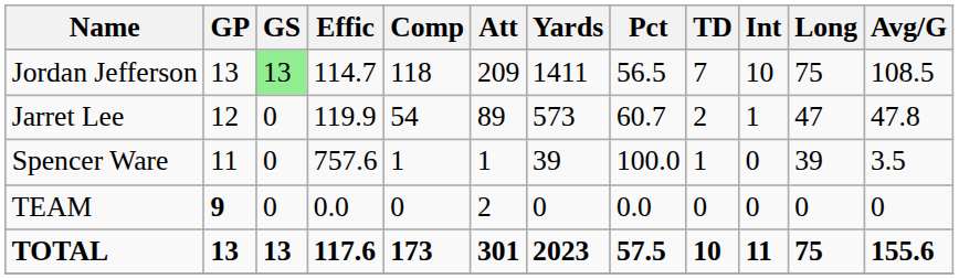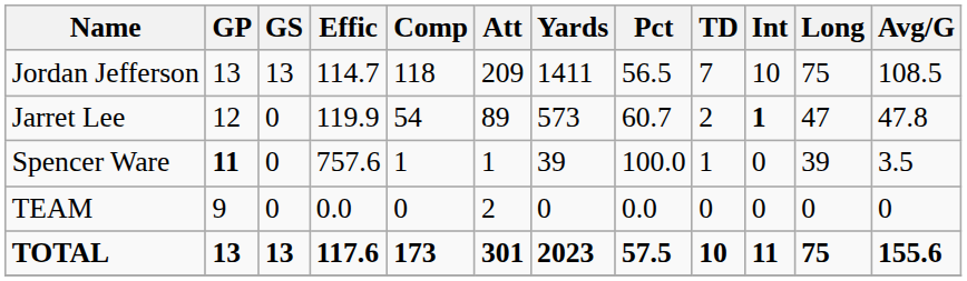 <table class="wikitable" style="white-space:nowrap;">
 <tr>
 <th>Name</th>
 <th>GP</th>
 <th>GS</th>
 <th>Effic</th>
 <th>Comp</th>
 <th>Att</th>
 <th>Yards</th>
 <th>Pct</th>
 <th>TD</th>
 <th>Int</th>
 <th>Long</th>
 <th>Avg/G</th>
 </tr>
 <tr>
 <td>Jordan Jefferson</td>
 <td>13</td>
-<td style="background: lightgreen;">13</td>
+<td>13</td>
 <td>114.7</td>
 <td>118</td>
 <td>209</td>
 <td>1411</td>
 <td>56.5</td>
 <td>7</td>
 <td>10</td>
 <td>75</td>
 <td>108.5</td>
 </tr>
 <tr>
 <td>Jarret Lee</td>
 <td>12</td>
 <td>0</td>
 <td>119.9</td>
 <td>54</td>
 <td>89</td>
 <td>573</td>
 <td>60.7</td>
 <td>2</td>
-<td>1</td>
+<td><strong>1</strong></td>
 <td>47</td>
 <td>47.8</td>
 </tr>
 <tr>
 <td>Spencer Ware</td>
-<td>11</td>
+<td><strong>11</strong></td>
 <td>0</td>
 <td>757.6</td>
 <td>1</td>
 <td>1</td>
 <td>39</td>
 <td>100.0</td>
 <td>1</td>
 <td>0</td>
 <td>39</td>
 <td>3.5</td>
 </tr>
 <tr>
 <td>TEAM</td>
-<td><strong>9</strong></td>
+<td>9</td>
 <td>0</td>
 <td>0.0</td>
 <td>0</td>
 <td>2</td>
 <td>0</td>
 <td>0.0</td>
 <td>0</td>
 <td>0</td>
 <td>0</td>
 <td>0</td>
 </tr>
 <tr>
 <td><strong>TOTAL</strong></td>
 <td><strong>13</strong></td>
 <td><strong>13</strong></td>
 <td><strong>117.6</strong></td>
 <td><strong>173</strong></td>
 <td><strong>301</strong></td>
 <td><strong>2023</strong></td>
 <td><strong>57.5</strong></td>
 <td><strong>10</strong></td>
 <td><strong>11</strong></td>
 <td><strong>75</strong></td>
 <td><strong>155.6</strong></td>
 </tr>
 <tr>
 </tr>
 </table>
